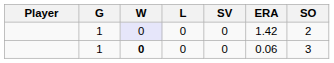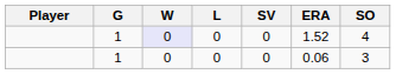 <table class="wikitable sortable">
 <tr>
 <th bgcolor="#DDDDFF" width="16%">Player</th>
 <th bgcolor="#DDDDFF" width="9%">G</th>
 <th bgcolor="#DDDDFF" width="9%">W</th>
 <th bgcolor="#DDDDFF" width="9%">L</th>
 <th bgcolor="#DDDDFF" width="9%">SV</th>
 <th bgcolor="#DDDDFF" width="9%">ERA</th>
 <th bgcolor="#DDDDFF" width="9%">SO</th>
 </tr>
 <tr align="center">
 <td></td>
 <td>1</td>
 <td style="background: lavender;">0</td>
 <td>0</td>
 <td>0</td>
-<td>1.42</td>
-<td>2</td>
+<td>1.52</td>
+<td>4</td>
 </tr>
 <tr align="center">
 <td></td>
 <td>1</td>
-<td><strong>0</strong></td>
+<td>0</td>
 <td>0</td>
 <td>0</td>
 <td>0.06</td>
 <td>3</td>
 </tr>
 </table>
